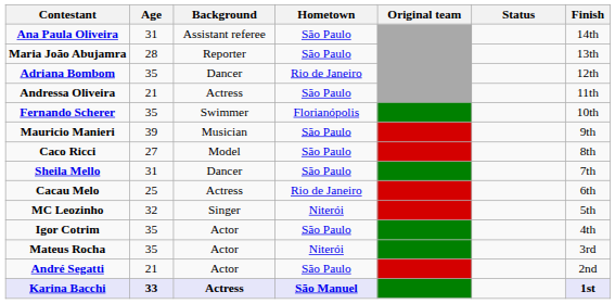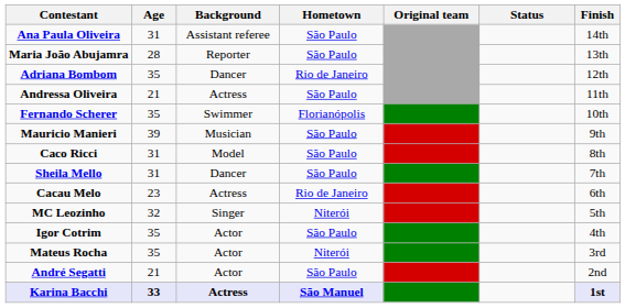 <table class= "wikitable sortable" style="text-align: center; margin:auto; align: center">
 <tr>
 <th width=150>Contestant</th>
 <th width=050>Age</th>
 <th width=125>Background</th>
 <th width=125>Hometown</th>
 <th width=115>Original team</th>
 <th width=115>Status</th>
 <th width=050>Finish</th>
 </tr>
 <tr>
 <td><strong><a href='#'>Ana Paula Oliveira</a></strong></td>
 <td>31</td>
 <td>Assistant referee</td>
 <td><a href='#'>São Paulo</a></td>
 <td bgcolor=A9A9A9 rowspan=4></td>
 <td><br></td>
 <td>14th</td>
 </tr>
 <tr>
 <td nowrap><strong>Maria João Abujamra</strong></td>
 <td>28</td>
 <td>Reporter</td>
 <td><a href='#'>São Paulo</a></td>
 <td><br></td>
 <td>13th</td>
 </tr>
 <tr>
 <td><strong><a href='#'>Adriana Bombom</a></strong></td>
 <td>35</td>
 <td>Dancer</td>
 <td><a href='#'>Rio de Janeiro</a></td>
 <td><br></td>
 <td>12th</td>
 </tr>
 <tr>
 <td><strong>Andressa Oliveira</strong></td>
 <td>21</td>
 <td>Actress</td>
 <td><a href='#'>São Paulo</a></td>
 <td><br></td>
 <td>11th</td>
 </tr>
 <tr>
 <td><strong><a href='#'>Fernando Scherer</a></strong></td>
 <td>35</td>
 <td>Swimmer</td>
 <td><a href='#'>Florianópolis</a></td>
 <td bgcolor=008000></td>
 <td><br></td>
 <td>10th</td>
 </tr>
 <tr>
 <td><strong>Mauricio Manieri</strong></td>
 <td>39</td>
 <td>Musician</td>
 <td><a href='#'>São Paulo</a></td>
 <td bgcolor=D40000></td>
 <td><br></td>
 <td>9th</td>
 </tr>
 <tr>
 <td><strong>Caco Ricci</strong></td>
-<td>27</td>
+<td>31</td>
 <td>Model</td>
 <td><a href='#'>São Paulo</a></td>
 <td bgcolor=D40000></td>
 <td><br></td>
 <td>8th</td>
 </tr>
 <tr>
 <td><strong><a href='#'>Sheila Mello</a></strong></td>
 <td>31</td>
 <td>Dancer</td>
 <td><a href='#'>São Paulo</a></td>
 <td bgcolor=008000></td>
 <td><br></td>
 <td>7th</td>
 </tr>
 <tr>
 <td><strong>Cacau Melo</strong></td>
-<td>25</td>
+<td>23</td>
 <td>Actress</td>
 <td><a href='#'>Rio de Janeiro</a></td>
 <td bgcolor=D40000></td>
 <td><br></td>
 <td>6th</td>
 </tr>
 <tr>
 <td><strong>MC Leozinho</strong></td>
 <td>32</td>
 <td>Singer</td>
 <td><a href='#'>Niterói</a></td>
 <td bgcolor=D40000></td>
 <td><br></td>
 <td>5th</td>
 </tr>
 <tr>
 <td><strong>Igor Cotrim</strong></td>
 <td>35</td>
 <td>Actor</td>
 <td><a href='#'>São Paulo</a></td>
 <td bgcolor=008000></td>
 <td><br></td>
 <td>4th</td>
 </tr>
 <tr>
 <td><strong>Mateus Rocha</strong></td>
 <td>35</td>
 <td>Actor</td>
 <td><a href='#'>Niterói</a></td>
 <td bgcolor=008000></td>
 <td><br></td>
 <td>3rd</td>
 </tr>
 <tr>
 <td><strong><a href='#'>André Segatti</a></strong></td>
 <td>21</td>
 <td>Actor</td>
 <td><a href='#'>São Paulo</a></td>
 <td bgcolor=D40000></td>
 <td><br></td>
 <td>2nd</td>
 </tr>
 <tr>
 <td bgcolor="E6E6FA" nowrap><strong><a href='#'>Karina Bacchi</a></strong></td>
 <td bgcolor="E6E6FA"><strong>33</strong></td>
 <td bgcolor="E6E6FA"><strong>Actress</strong></td>
 <td bgcolor="E6E6FA"><strong><a href='#'>São Manuel</a></strong></td>
 <td bgcolor=008000></td>
 <td><br></td>
 <td bgcolor="E6E6FA"><strong>1st</strong></td>
 </tr>
 </table>
